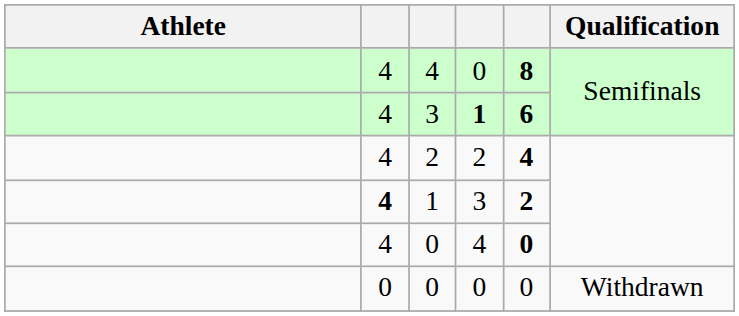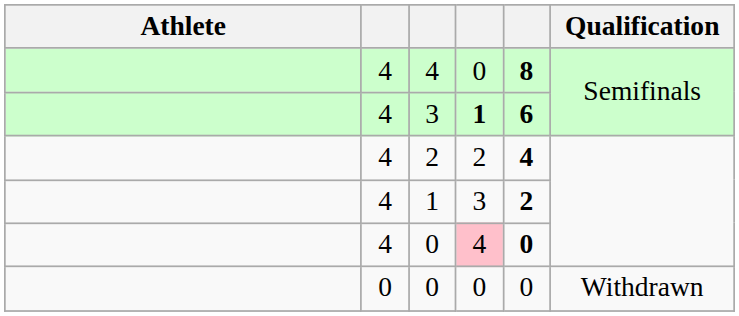 <table class="wikitable" style="text-align:center">
 <tr>
 <th width=200>Athlete</th>
 <th width=20></th>
 <th width=20></th>
 <th width=20></th>
 <th width=20></th>
 <th width=100>Qualification</th>
 </tr>
 <tr bgcolor="#ccffcc">
 <td style="text-align:left;"></td>
 <td>4</td>
 <td>4</td>
 <td>0</td>
 <td><strong>8</strong></td>
 <td rowspan="2">Semifinals</td>
 </tr>
 <tr bgcolor="#ccffcc">
 <td style="text-align:left;"></td>
 <td>4</td>
 <td>3</td>
 <td><strong>1</strong></td>
 <td><strong>6</strong></td>
 </tr>
 <tr>
 <td style="text-align:left;"></td>
 <td>4</td>
 <td>2</td>
 <td>2</td>
 <td><strong>4</strong></td>
 <td rowspan="3" align="center" style="vertical-align:middle;"></td>
 </tr>
 <tr>
 <td style="text-align:left;"></td>
-<td><strong>4</strong></td>
+<td>4</td>
 <td>1</td>
 <td>3</td>
 <td><strong>2</strong></td>
 </tr>
 <tr>
 <td style="text-align:left;"></td>
 <td>4</td>
 <td>0</td>
-<td>4</td>
+<td style="background: pink;">4</td>
 <td><strong>0</strong></td>
 </tr>
 <tr>
 <td style="text-align:left;"><s></s></td>
 <td>0</td>
 <td>0</td>
 <td>0</td>
 <td>0</td>
 <td>Withdrawn</td>
 </tr>
 </table>
